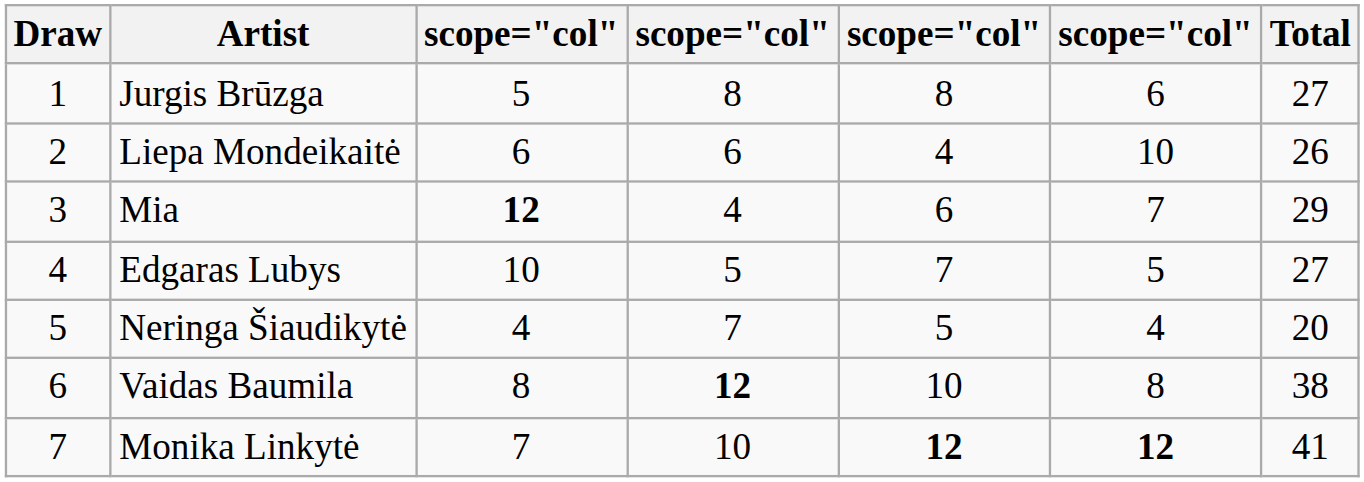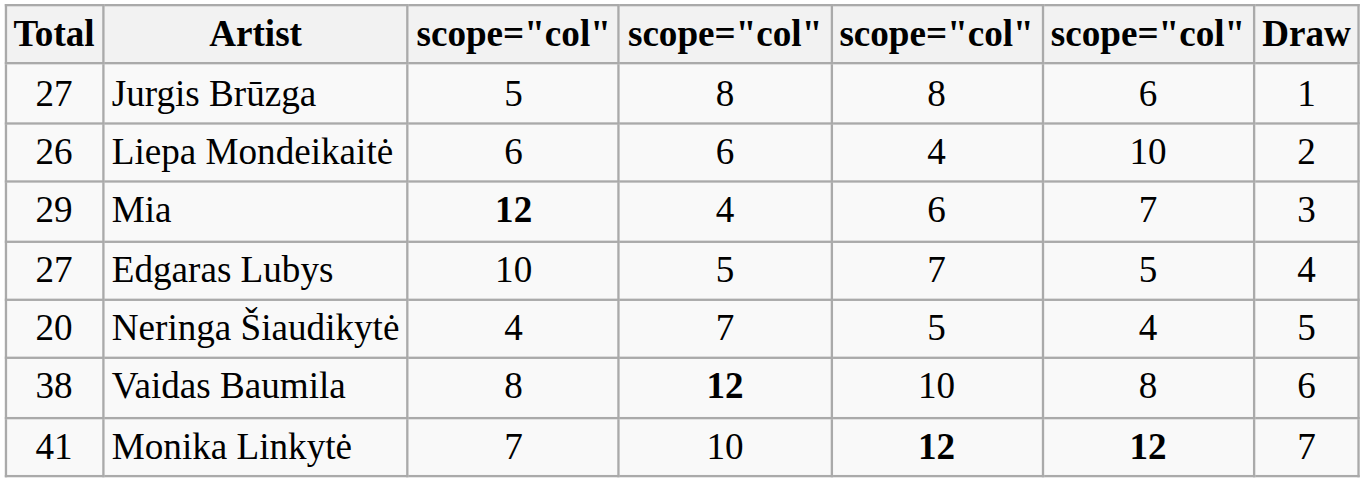 <table class="wikitable collapsible" style="margin: 1em auto 1em auto; text-align:center;">
 <tr>
-<th>Draw</th>
+<th>Total</th>
 <th>Artist</th>
 <th>scope="col" </th>
 <th>scope="col" </th>
 <th>scope="col" </th>
 <th>scope="col" </th>
-<th>Total</th>
+<th>Draw</th>
 </tr>
 <tr>
-<td>1</td>
+<td>27</td>
 <td align="left">Jurgis Brūzga</td>
 <td>5</td>
 <td>8</td>
 <td>8</td>
 <td>6</td>
-<td>27</td>
+<td>1</td>
 </tr>
 <tr>
-<td>2</td>
+<td>26</td>
 <td align="left">Liepa Mondeikaitė</td>
 <td>6</td>
 <td>6</td>
 <td>4</td>
 <td>10</td>
-<td>26</td>
+<td>2</td>
 </tr>
 <tr>
-<td>3</td>
+<td>29</td>
 <td align="left">Mia</td>
 <td><strong>12</strong></td>
 <td>4</td>
 <td>6</td>
 <td>7</td>
-<td>29</td>
+<td>3</td>
 </tr>
 <tr>
-<td>4</td>
+<td>27</td>
 <td align="left">Edgaras Lubys</td>
 <td>10</td>
 <td>5</td>
 <td>7</td>
 <td>5</td>
-<td>27</td>
+<td>4</td>
 </tr>
 <tr>
-<td>5</td>
+<td>20</td>
 <td align="left">Neringa Šiaudikytė</td>
 <td>4</td>
 <td>7</td>
 <td>5</td>
 <td>4</td>
-<td>20</td>
+<td>5</td>
 </tr>
 <tr>
-<td>6</td>
+<td>38</td>
 <td align="left">Vaidas Baumila</td>
 <td>8</td>
 <td><strong>12</strong></td>
 <td>10</td>
 <td>8</td>
-<td>38</td>
+<td>6</td>
 </tr>
 <tr>
-<td>7</td>
+<td>41</td>
 <td align="left">Monika Linkytė</td>
 <td>7</td>
 <td>10</td>
 <td><strong>12</strong></td>
 <td><strong>12</strong></td>
-<td>41</td>
+<td>7</td>
 </tr>
 </table>
